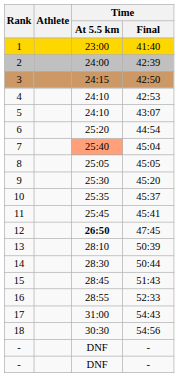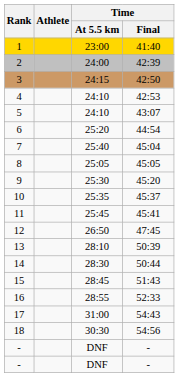 <table class="wikitable" style="text-align:center">
 <tr>
 <th rowspan=2>Rank</th>
 <th rowspan=2>Athlete</th>
 <th colspan=2>Time</th>
 </tr>
 <tr>
 <th width=70>At 5.5 km</th>
 <th width=70>Final</th>
 </tr>
 <tr bgcolor=gold>
 <td>1</td>
 <td align=left></td>
 <td>23:00</td>
 <td>41:40</td>
 </tr>
 <tr bgcolor=silver>
 <td>2</td>
 <td align=left></td>
 <td>24:00</td>
 <td>42:39</td>
 </tr>
 <tr bgcolor=#CC9966>
 <td>3</td>
 <td align=left></td>
 <td>24:15</td>
 <td>42:50</td>
 </tr>
 <tr>
 <td>4</td>
 <td align=left></td>
 <td>24:10</td>
 <td>42:53</td>
 </tr>
 <tr>
 <td>5</td>
 <td align=left></td>
 <td>24:10</td>
 <td>43:07</td>
 </tr>
 <tr>
 <td>6</td>
 <td align=left></td>
 <td>25:20</td>
 <td>44:54</td>
 </tr>
 <tr>
 <td>7</td>
 <td align=left></td>
-<td style="background: lightsalmon;">25:40</td>
+<td>25:40</td>
 <td>45:04</td>
 </tr>
 <tr>
 <td>8</td>
 <td align=left></td>
 <td>25:05</td>
 <td>45:05</td>
 </tr>
 <tr>
 <td>9</td>
 <td align=left></td>
 <td>25:30</td>
 <td>45:20</td>
 </tr>
 <tr>
 <td>10</td>
 <td align=left></td>
 <td>25:35</td>
 <td>45:37</td>
 </tr>
 <tr>
 <td>11</td>
 <td align=left></td>
 <td>25:45</td>
 <td>45:41</td>
 </tr>
 <tr>
 <td>12</td>
 <td align=left></td>
-<td><strong>26:50</strong></td>
+<td>26:50</td>
 <td>47:45</td>
 </tr>
 <tr>
 <td>13</td>
 <td align=left></td>
 <td>28:10</td>
 <td>50:39</td>
 </tr>
 <tr>
 <td>14</td>
 <td align=left></td>
 <td>28:30</td>
 <td>50:44</td>
 </tr>
 <tr>
 <td>15</td>
 <td align=left></td>
 <td>28:45</td>
 <td>51:43</td>
 </tr>
 <tr>
 <td>16</td>
 <td align=left></td>
 <td>28:55</td>
 <td>52:33</td>
 </tr>
 <tr>
 <td>17</td>
 <td align=left></td>
 <td>31:00</td>
 <td>54:43</td>
 </tr>
 <tr>
 <td>18</td>
 <td align=left></td>
 <td>30:30</td>
 <td>54:56</td>
 </tr>
 <tr>
 <td>-</td>
 <td align=left></td>
 <td>DNF</td>
 <td>-</td>
 </tr>
 <tr>
 <td>-</td>
 <td align=left></td>
 <td>DNF</td>
 <td>-</td>
 </tr>
 </table>
